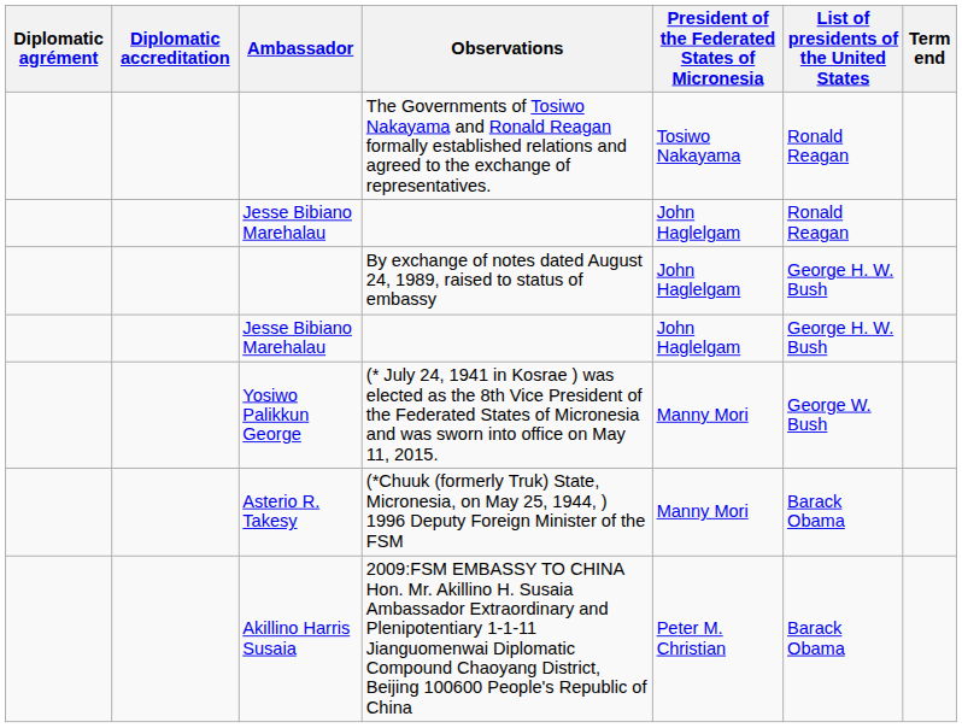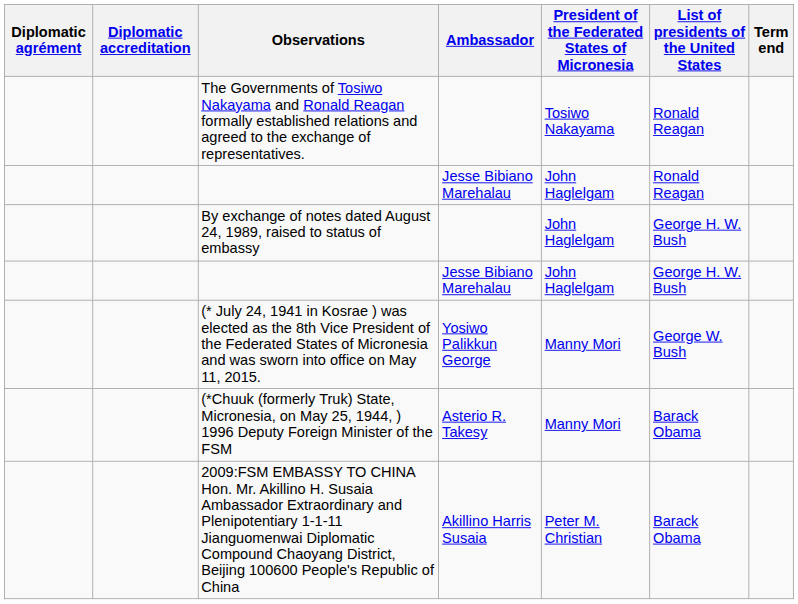 <table class="wikitable sortable">
 <tr>
 <th>Diplomatic <a href='#'>agrément</a></th>
 <th><a href='#'>Diplomatic accreditation</a></th>
+<th>Observations</th>
 <th><a href='#'>Ambassador</a></th>
-<th>Observations</th>
 <th><a href='#'>President of the Federated States of Micronesia</a></th>
 <th><a href='#'>List of presidents of the United States</a></th>
 <th>Term end</th>
 </tr>
 <tr>
 <td></td>
 <td></td>
+<td>The Governments of <a href='#'>Tosiwo Nakayama</a> and <a href='#'>Ronald Reagan</a> formally established relations and agreed to the exchange of representatives.</td>
 <td></td>
-<td>The Governments of <a href='#'>Tosiwo Nakayama</a> and <a href='#'>Ronald Reagan</a> formally established relations and agreed to the exchange of representatives.</td>
 <td><a href='#'>Tosiwo Nakayama</a></td>
 <td><a href='#'>Ronald Reagan</a></td>
 <td></td>
 </tr>
 <tr>
 <td></td>
 <td></td>
+<td></td>
 <td><a href='#'>Jesse Bibiano Marehalau</a></td>
-<td></td>
 <td><a href='#'>John Haglelgam</a></td>
 <td><a href='#'>Ronald Reagan</a></td>
 <td></td>
 </tr>
 <tr>
 <td></td>
 <td></td>
-<td></td>
 <td>By exchange of notes dated August 24, 1989, raised to status of embassy</td>
-<td><a href='#'>John Haglelgam</a></td>
-<td><a href='#'>George H. W. Bush</a></td>
-<td></td>
-</tr>
-<tr>
-<td></td>
-<td></td>
-<td><a href='#'>Jesse Bibiano Marehalau</a></td>
 <td></td>
 <td><a href='#'>John Haglelgam</a></td>
 <td><a href='#'>George H. W. Bush</a></td>
 <td></td>
 </tr>
 <tr>
 <td></td>
 <td></td>
+<td></td>
+<td><a href='#'>Jesse Bibiano Marehalau</a></td>
+<td><a href='#'>John Haglelgam</a></td>
+<td><a href='#'>George H. W. Bush</a></td>
+<td></td>
+</tr>
+<tr>
+<td></td>
+<td></td>
+<td>(* July 24, 1941 in Kosrae ) was elected as the 8th Vice President of the Federated States of Micronesia and was sworn into office on May 11, 2015.</td>
 <td><a href='#'>Yosiwo Palikkun George</a></td>
-<td>(* July 24, 1941 in Kosrae ) was elected as the 8th Vice President of the Federated States of Micronesia and was sworn into office on May 11, 2015.</td>
 <td><a href='#'>Manny Mori</a></td>
 <td><a href='#'>George W. Bush</a></td>
 <td></td>
 </tr>
 <tr>
 <td></td>
 <td></td>
+<td>(*Chuuk (formerly Truk) State, Micronesia, on May 25, 1944, ) 1996 Deputy Foreign Minister of the FSM</td>
 <td><a href='#'>Asterio R. Takesy</a></td>
-<td>(*Chuuk (formerly Truk) State, Micronesia, on May 25, 1944, ) 1996 Deputy Foreign Minister of the FSM</td>
 <td><a href='#'>Manny Mori</a></td>
 <td><a href='#'>Barack Obama</a></td>
 <td></td>
 </tr>
 <tr>
 <td></td>
 <td></td>
+<td>2009:FSM EMBASSY TO CHINA Hon. Mr. Akillino H. Susaia Ambassador Extraordinary and Plenipotentiary 1-1-11 Jianguomenwai Diplomatic Compound Chaoyang District, Beijing 100600 People's Republic of China</td>
 <td><a href='#'>Akillino Harris Susaia</a></td>
-<td>2009:FSM EMBASSY TO CHINA Hon. Mr. Akillino H. Susaia Ambassador Extraordinary and Plenipotentiary 1-1-11 Jianguomenwai Diplomatic Compound Chaoyang District, Beijing 100600 People's Republic of China</td>
 <td><a href='#'>Peter M. Christian</a></td>
 <td><a href='#'>Barack Obama</a></td>
 <td></td>
 </tr>
 </table>
